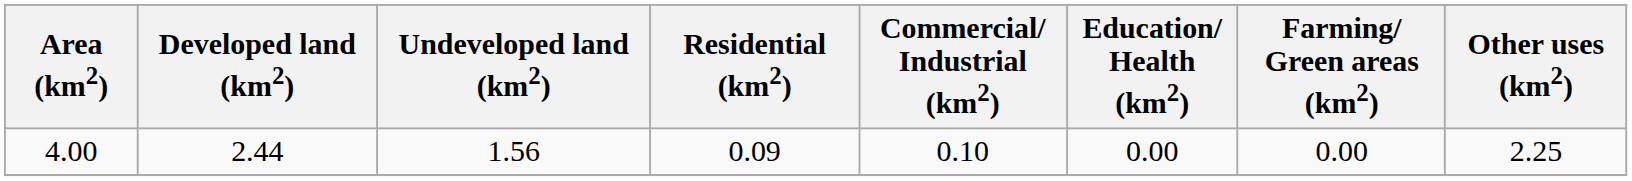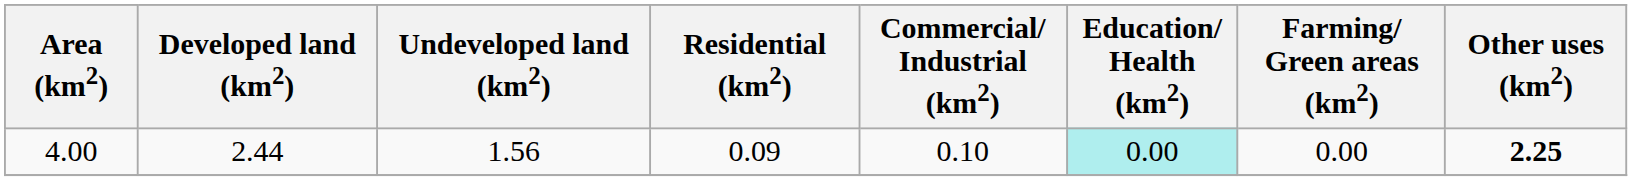 <table class="wikitable" style="text-align: center;">
 <tr>
 <th>Area (km<sup>2</sup>)</th>
 <th>Developed land (km<sup>2</sup>)</th>
 <th>Undeveloped land (km<sup>2</sup>)</th>
 <th>Residential (km<sup>2</sup>)</th>
 <th>Commercial/<br> Industrial (km<sup>2</sup>)</th>
 <th>Education/<br> Health (km<sup>2</sup>)</th>
 <th>Farming/<br> Green areas (km<sup>2</sup>)</th>
 <th>Other uses (km<sup>2</sup>)</th>
 </tr>
 <tr>
 <td>4.00</td>
 <td>2.44</td>
 <td>1.56</td>
 <td>0.09</td>
 <td>0.10</td>
+<td style="background: paleturquoise;">0.00</td>
 <td>0.00</td>
-<td>0.00</td>
-<td>2.25</td>
+<td><strong>2.25</strong></td>
 </tr>
 <tr>
 </tr>
 </table>
